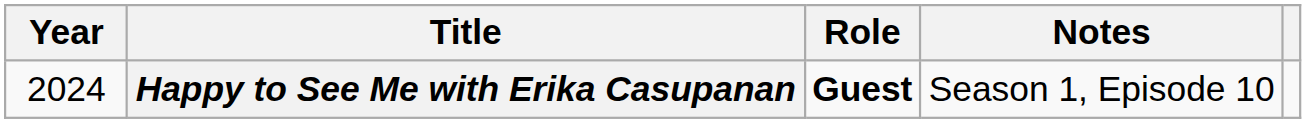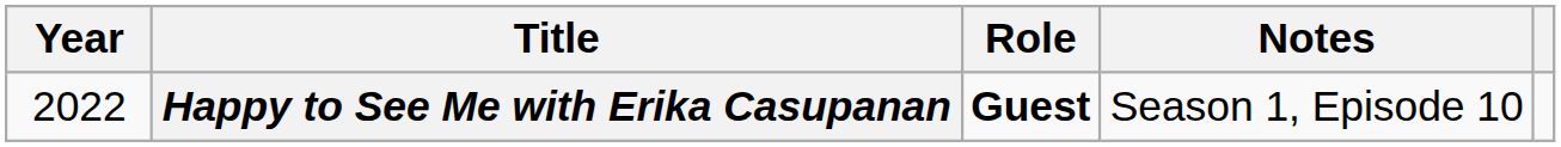 <table class="wikitable plainrowheaders">
 <tr>
 <th scope="col" style="width:03em;">Year</th>
 <th scope="col">Title</th>
 <th scope="col">Role</th>
 <th scope="col">Notes</th>
 <th></th>
 </tr>
 <tr>
-<td style="text-align:center">2024</td>
+<td style="text-align:center">2022</td>
 <th scope="row"><em>Happy to See Me with Erika Casupanan</em></th>
 <td><strong>Guest</strong></td>
 <td>Season 1, Episode 10</td>
 <td style="text-align:center"></td>
 </tr>
 </table>
